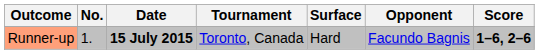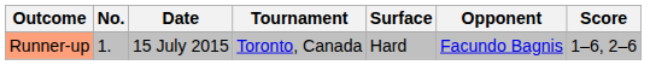 <table class=wikitable style=font-size:100%>
 <tr>
 <th>Outcome</th>
 <th>No.</th>
 <th>Date</th>
 <th>Tournament</th>
 <th>Surface</th>
 <th>Opponent</th>
 <th>Score</th>
 </tr>
 <tr>
 </tr>
 <tr bgcolor=silver>
 <td bgcolor=#ffa07a>Runner-up</td>
 <td>1.</td>
-<td><strong>15 July 2015</strong></td>
+<td>15 July 2015</td>
 <td><a href='#'>Toronto</a>, Canada</td>
 <td>Hard</td>
 <td> <a href='#'>Facundo Bagnis</a></td>
-<td><strong>1–6, 2–6</strong></td>
+<td>1–6, 2–6</td>
 </tr>
 </table>
